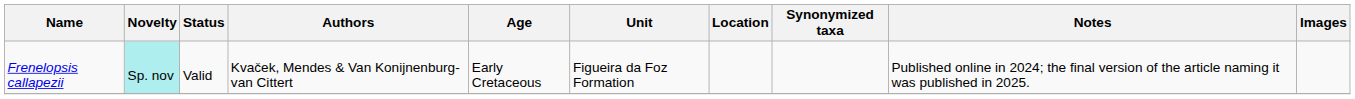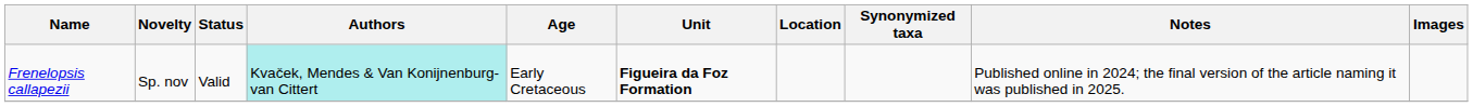 <table class="wikitable sortable" align="center" width="100%">
 <tr>
 <th>Name</th>
 <th>Novelty</th>
 <th>Status</th>
 <th>Authors</th>
 <th>Age</th>
 <th>Unit</th>
 <th>Location</th>
 <th>Synonymized taxa</th>
 <th>Notes</th>
 <th>Images</th>
 </tr>
 <tr>
 <td><br><em><a href='#'>Frenelopsis callapezii</a></em></td>
-<td style="background: paleturquoise;"><br>Sp. nov</td>
+<td><br>Sp. nov</td>
 <td><br>Valid</td>
-<td><br>Kvaček, Mendes & Van Konijnenburg-van Cittert</td>
+<td style="background: paleturquoise;"><br>Kvaček, Mendes & Van Konijnenburg-van Cittert</td>
 <td><br>Early Cretaceous</td>
-<td><br>Figueira da Foz Formation</td>
+<td><strong><br>Figueira da Foz Formation</strong></td>
 <td><br></td>
 <td></td>
 <td><br>Published online in 2024; the final version of the article naming it was published in 2025.</td>
 <td></td>
 </tr>
 <tr>
 </tr>
 </table>
